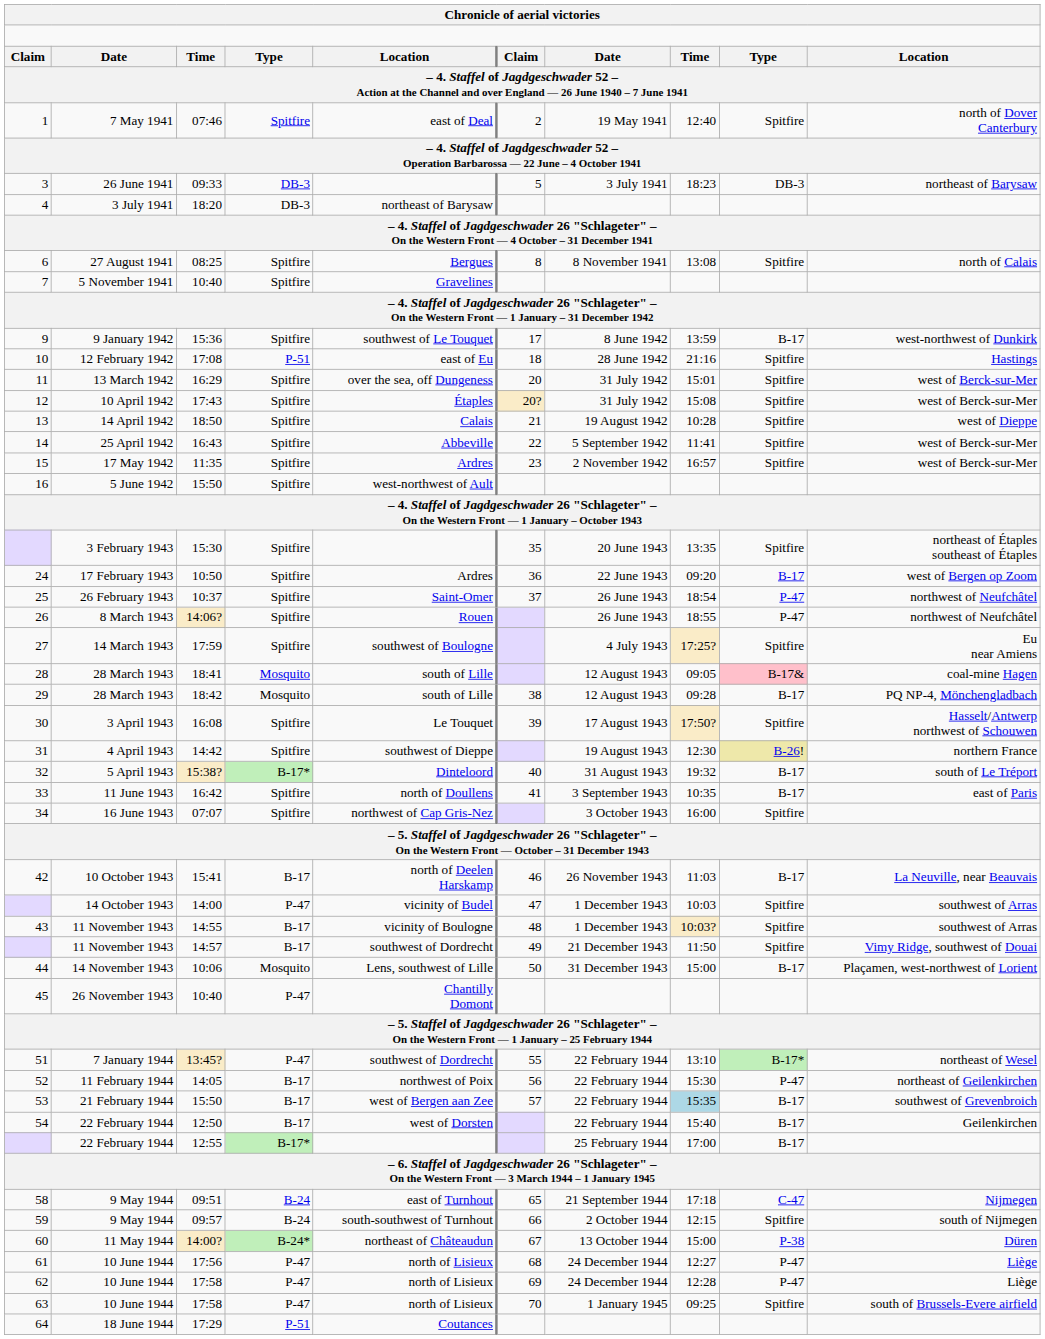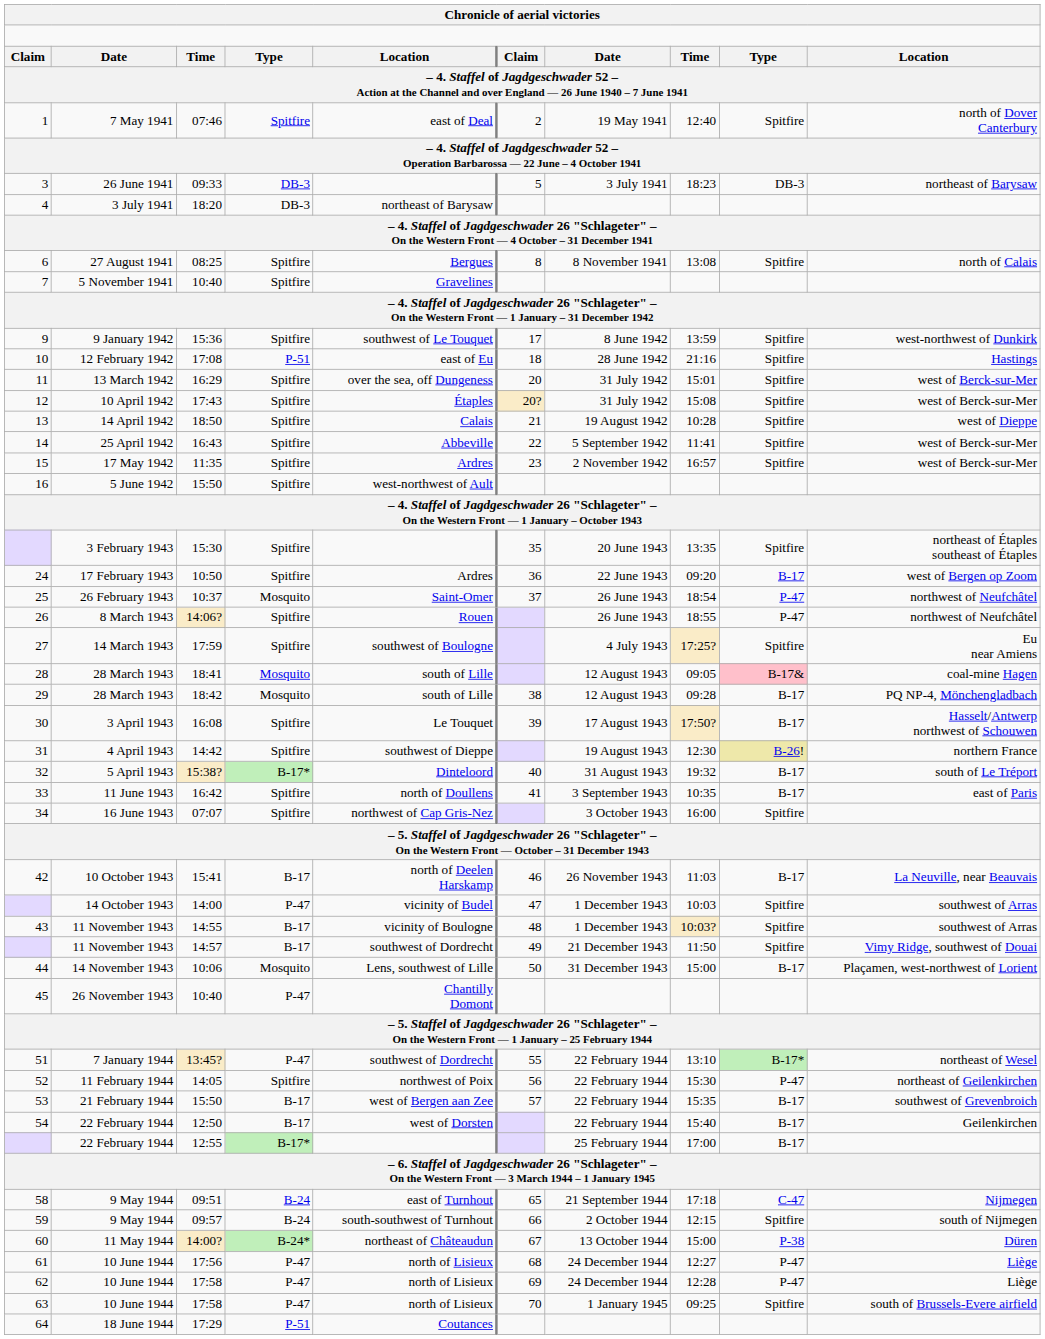 <table class="wikitable plainrowheaders collapsible" style="margin-left: auto; margin-right: auto; border: none; text-align:right; width: 100%;">
 <tr>
 <th colspan="10">Chronicle of aerial victories</th>
 </tr>
 <tr>
 <td colspan="10" style="text-align: left;"><br>    </td>
 </tr>
 <tr>
 <th scope="col">Claim</th>
 <th scope="col">Date</th>
 <th scope="col">Time</th>
 <th scope="col" width="100px">Type</th>
 <th scope="col">Location</th>
 <th scope="col" style="border-left: 3px solid grey;">Claim</th>
 <th scope="col">Date</th>
 <th scope="col">Time</th>
 <th scope="col" width="100px">Type</th>
 <th scope="col">Location</th>
 </tr>
 <tr>
 <th colspan="10">– 4. <em>Staffel</em> of <em>Jagdgeschwader</em> 52 –<br><small>Action at the Channel and over England — 26 June 1940 – 7 June 1941</small></th>
 </tr>
 <tr>
 <td>1</td>
 <td>7 May 1941</td>
 <td>07:46</td>
 <td><a href='#'>Spitfire</a></td>
 <td> east of <a href='#'>Deal</a></td>
 <td style="border-left: 3px solid grey;">2</td>
 <td>19 May 1941</td>
 <td>12:40</td>
 <td>Spitfire</td>
 <td>north of <a href='#'>Dover</a><br><a href='#'>Canterbury</a></td>
 </tr>
 <tr>
 <th colspan="10">– 4. <em>Staffel</em> of <em>Jagdgeschwader</em> 52 –<br><small>Operation Barbarossa — 22 June – 4 October 1941</small></th>
 </tr>
 <tr>
 <td>3</td>
 <td>26 June 1941</td>
 <td>09:33</td>
 <td><a href='#'>DB-3</a></td>
 <td></td>
 <td style="border-left: 3px solid grey;">5</td>
 <td>3 July 1941</td>
 <td>18:23</td>
 <td>DB-3</td>
 <td>northeast of <a href='#'>Barysaw</a></td>
 </tr>
 <tr>
 <td>4</td>
 <td>3 July 1941</td>
 <td>18:20</td>
 <td>DB-3</td>
 <td>northeast of Barysaw</td>
 <td style="border-left: 3px solid grey;"></td>
 <td></td>
 <td></td>
 <td></td>
 <td></td>
 </tr>
 <tr>
 <th colspan="10">– 4. <em>Staffel</em> of <em>Jagdgeschwader</em> 26 "Schlageter" –<br><small>On the Western Front — 4 October – 31 December 1941</small></th>
 </tr>
 <tr>
 <td>6</td>
 <td>27 August 1941</td>
 <td>08:25</td>
 <td>Spitfire</td>
 <td><a href='#'>Bergues</a></td>
 <td style="border-left: 3px solid grey;">8</td>
 <td>8 November 1941</td>
 <td>13:08</td>
 <td>Spitfire</td>
 <td> north of <a href='#'>Calais</a></td>
 </tr>
 <tr>
 <td>7</td>
 <td>5 November 1941</td>
 <td>10:40</td>
 <td>Spitfire</td>
 <td><a href='#'>Gravelines</a></td>
 <td style="border-left: 3px solid grey;"></td>
 <td></td>
 <td></td>
 <td></td>
 <td></td>
 </tr>
 <tr>
 <th colspan="10">– 4. <em>Staffel</em> of <em>Jagdgeschwader</em> 26 "Schlageter" –<br><small>On the Western Front — 1 January – 31 December 1942</small></th>
 </tr>
 <tr>
 <td>9</td>
 <td>9 January 1942</td>
 <td>15:36</td>
 <td>Spitfire</td>
 <td>southwest of <a href='#'>Le Touquet</a></td>
 <td style="border-left: 3px solid grey;">17</td>
 <td>8 June 1942</td>
 <td>13:59</td>
-<td>B-17</td>
+<td>Spitfire</td>
 <td>west-northwest of <a href='#'>Dunkirk</a></td>
 </tr>
 <tr>
 <td>10</td>
 <td>12 February 1942</td>
 <td>17:08</td>
 <td><a href='#'>P-51</a></td>
 <td>east of <a href='#'>Eu</a></td>
 <td style="border-left: 3px solid grey;">18</td>
 <td>28 June 1942</td>
 <td>21:16</td>
 <td>Spitfire</td>
 <td><a href='#'>Hastings</a></td>
 </tr>
 <tr>
 <td>11</td>
 <td>13 March 1942</td>
 <td>16:29</td>
 <td>Spitfire</td>
 <td>over the sea, off <a href='#'>Dungeness</a></td>
 <td style="border-left: 3px solid grey;">20</td>
 <td>31 July 1942</td>
 <td>15:01</td>
 <td>Spitfire</td>
 <td>west of <a href='#'>Berck-sur-Mer</a></td>
 </tr>
 <tr>
 <td>12</td>
 <td>10 April 1942</td>
 <td>17:43</td>
 <td>Spitfire</td>
 <td><a href='#'>Étaples</a></td>
 <td style="border-left: 3px solid grey; background:#faecc8">20?</td>
 <td>31 July 1942</td>
 <td>15:08</td>
 <td>Spitfire</td>
 <td>west of Berck-sur-Mer</td>
 </tr>
 <tr>
 <td>13</td>
 <td>14 April 1942</td>
 <td>18:50</td>
 <td>Spitfire</td>
 <td><a href='#'>Calais</a></td>
 <td style="border-left: 3px solid grey;">21</td>
 <td>19 August 1942</td>
 <td>10:28</td>
 <td>Spitfire</td>
 <td>west of <a href='#'>Dieppe</a></td>
 </tr>
 <tr>
 <td>14</td>
 <td>25 April 1942</td>
 <td>16:43</td>
 <td>Spitfire</td>
 <td><a href='#'>Abbeville</a></td>
 <td style="border-left: 3px solid grey;">22</td>
 <td>5 September 1942</td>
 <td>11:41</td>
 <td>Spitfire</td>
 <td>west of Berck-sur-Mer</td>
 </tr>
 <tr>
 <td>15</td>
 <td>17 May 1942</td>
 <td>11:35</td>
 <td>Spitfire</td>
 <td><a href='#'>Ardres</a></td>
 <td style="border-left: 3px solid grey;">23</td>
 <td>2 November 1942</td>
 <td>16:57</td>
 <td>Spitfire</td>
 <td> west of Berck-sur-Mer</td>
 </tr>
 <tr>
 <td>16</td>
 <td>5 June 1942</td>
 <td>15:50</td>
 <td>Spitfire</td>
 <td> west-northwest of <a href='#'>Ault</a></td>
 <td style="border-left: 3px solid grey;"></td>
 <td></td>
 <td></td>
 <td></td>
 <td></td>
 </tr>
 <tr>
 <th colspan="10">– 4. <em>Staffel</em> of <em>Jagdgeschwader</em> 26 "Schlageter" –<br><small>On the Western Front — 1 January – October 1943</small></th>
 </tr>
 <tr>
 <td style="background:#e3d9ff;"></td>
 <td>3 February 1943</td>
 <td>15:30</td>
 <td>Spitfire</td>
 <td></td>
 <td style="border-left: 3px solid grey;">35</td>
 <td>20 June 1943</td>
 <td>13:35</td>
 <td>Spitfire</td>
 <td>northeast of Étaples<br>southeast of Étaples</td>
 </tr>
 <tr>
 <td>24</td>
 <td>17 February 1943</td>
 <td>10:50</td>
 <td>Spitfire</td>
 <td>Ardres</td>
 <td style="border-left: 3px solid grey;">36</td>
 <td>22 June 1943</td>
 <td>09:20</td>
 <td><a href='#'>B-17</a></td>
 <td>west of <a href='#'>Bergen op Zoom</a></td>
 </tr>
 <tr>
 <td>25</td>
 <td>26 February 1943</td>
 <td>10:37</td>
-<td>Spitfire</td>
+<td>Mosquito</td>
 <td><a href='#'>Saint-Omer</a></td>
 <td style="border-left: 3px solid grey;">37</td>
 <td>26 June 1943</td>
 <td>18:54</td>
 <td><a href='#'>P-47</a></td>
 <td>northwest of <a href='#'>Neufchâtel</a></td>
 </tr>
 <tr>
 <td>26</td>
 <td>8 March 1943</td>
 <td style="background:#faecc8">14:06?</td>
 <td>Spitfire</td>
 <td><a href='#'>Rouen</a></td>
 <td style="border-left: 3px solid grey; background:#e3d9ff;"></td>
 <td>26 June 1943</td>
 <td>18:55</td>
 <td>P-47</td>
 <td>northwest of Neufchâtel</td>
 </tr>
 <tr>
 <td>27</td>
 <td>14 March 1943</td>
 <td>17:59</td>
 <td>Spitfire</td>
 <td> southwest of <a href='#'>Boulogne</a></td>
 <td style="border-left: 3px solid grey; background:#e3d9ff;"></td>
 <td>4 July 1943</td>
 <td style="background:#faecc8">17:25?</td>
 <td>Spitfire</td>
 <td>Eu<br>near Amiens</td>
 </tr>
 <tr>
 <td>28</td>
 <td>28 March 1943</td>
 <td>18:41</td>
 <td><a href='#'>Mosquito</a></td>
 <td>south of <a href='#'>Lille</a></td>
 <td style="border-left: 3px solid grey; background:#e3d9ff;"></td>
 <td>12 August 1943</td>
 <td>09:05</td>
 <td style="background:pink;">B-17&</td>
 <td>coal-mine <a href='#'>Hagen</a></td>
 </tr>
 <tr>
 <td>29</td>
 <td>28 March 1943</td>
 <td>18:42</td>
 <td>Mosquito</td>
 <td>south of Lille</td>
 <td style="border-left: 3px solid grey;">38</td>
 <td>12 August 1943</td>
 <td>09:28</td>
 <td>B-17</td>
 <td>PQ NP-4, <a href='#'>Mönchengladbach</a></td>
 </tr>
 <tr>
 <td>30</td>
 <td>3 April 1943</td>
 <td>16:08</td>
 <td>Spitfire</td>
 <td>Le Touquet</td>
 <td style="border-left: 3px solid grey;">39</td>
 <td>17 August 1943</td>
 <td style="background:#faecc8">17:50?</td>
-<td>Spitfire</td>
+<td>B-17</td>
 <td><a href='#'>Hasselt</a>/<a href='#'>Antwerp</a><br>northwest of <a href='#'>Schouwen</a></td>
 </tr>
 <tr>
 <td>31</td>
 <td>4 April 1943</td>
 <td>14:42</td>
 <td>Spitfire</td>
 <td>southwest of Dieppe</td>
 <td style="border-left: 3px solid grey; background:#e3d9ff;"></td>
 <td>19 August 1943</td>
 <td>12:30</td>
 <td style="background:palegoldenrod;"><a href='#'>B-26</a>!</td>
 <td>northern France</td>
 </tr>
 <tr>
 <td>32</td>
 <td>5 April 1943</td>
 <td style="background:#faecc8">15:38?</td>
 <td style="background:#C0EFBA">B-17*</td>
 <td><a href='#'>Dinteloord</a></td>
 <td style="border-left: 3px solid grey;">40</td>
 <td>31 August 1943</td>
 <td>19:32</td>
 <td>B-17</td>
 <td>south of <a href='#'>Le Tréport</a></td>
 </tr>
 <tr>
 <td>33</td>
 <td>11 June 1943</td>
 <td>16:42</td>
 <td>Spitfire</td>
 <td>north of <a href='#'>Doullens</a></td>
 <td style="border-left: 3px solid grey;">41</td>
 <td>3 September 1943</td>
 <td>10:35</td>
 <td>B-17</td>
 <td>east of <a href='#'>Paris</a></td>
 </tr>
 <tr>
 <td>34</td>
 <td>16 June 1943</td>
 <td>07:07</td>
 <td>Spitfire</td>
 <td> northwest of <a href='#'>Cap Gris-Nez</a></td>
 <td style="border-left: 3px solid grey; background:#e3d9ff;"></td>
 <td>3 October 1943</td>
 <td>16:00</td>
 <td>Spitfire</td>
 <td></td>
 </tr>
 <tr>
 <th colspan="10">– 5. <em>Staffel</em> of <em>Jagdgeschwader</em> 26 "Schlageter" –<br><small>On the Western Front — October – 31 December 1943</small></th>
 </tr>
 <tr>
 <td>42</td>
 <td>10 October 1943</td>
 <td>15:41</td>
 <td>B-17</td>
 <td>north of <a href='#'>Deelen</a><br><a href='#'>Harskamp</a></td>
 <td style="border-left: 3px solid grey;">46</td>
 <td>26 November 1943</td>
 <td>11:03</td>
 <td>B-17</td>
 <td><a href='#'>La Neuville</a>, near <a href='#'>Beauvais</a></td>
 </tr>
 <tr>
 <td style="background:#e3d9ff;"></td>
 <td>14 October 1943</td>
 <td>14:00</td>
 <td>P-47</td>
 <td>vicinity of <a href='#'>Budel</a></td>
 <td style="border-left: 3px solid grey;">47</td>
 <td>1 December 1943</td>
 <td>10:03</td>
 <td>Spitfire</td>
 <td> southwest of <a href='#'>Arras</a></td>
 </tr>
 <tr>
 <td>43</td>
 <td>11 November 1943</td>
 <td>14:55</td>
 <td>B-17</td>
 <td>vicinity of Boulogne</td>
 <td style="border-left: 3px solid grey;">48</td>
 <td>1 December 1943</td>
 <td style="background:#faecc8">10:03?</td>
 <td>Spitfire</td>
 <td> southwest of Arras</td>
 </tr>
 <tr>
 <td style="background:#e3d9ff;"></td>
 <td>11 November 1943</td>
 <td>14:57</td>
 <td>B-17</td>
 <td>southwest of Dordrecht</td>
 <td style="border-left: 3px solid grey;">49</td>
 <td>21 December 1943</td>
 <td>11:50</td>
 <td>Spitfire</td>
 <td><a href='#'>Vimy Ridge</a>, southwest of <a href='#'>Douai</a></td>
 </tr>
 <tr>
 <td>44</td>
 <td>14 November 1943</td>
 <td>10:06</td>
 <td>Mosquito</td>
 <td>Lens, southwest of Lille</td>
 <td style="border-left: 3px solid grey;">50</td>
 <td>31 December 1943</td>
 <td>15:00</td>
 <td>B-17</td>
 <td>Plaçamen, west-northwest of <a href='#'>Lorient</a></td>
 </tr>
 <tr>
 <td>45</td>
 <td>26 November 1943</td>
 <td>10:40</td>
 <td>P-47</td>
 <td><a href='#'>Chantilly</a><br><a href='#'>Domont</a></td>
 <td style="border-left: 3px solid grey;"></td>
 <td></td>
 <td></td>
 <td></td>
 <td></td>
 </tr>
 <tr>
 <th colspan="10">– 5. <em>Staffel</em> of <em>Jagdgeschwader</em> 26 "Schlageter" –<br><small>On the Western Front — 1 January – 25 February 1944</small></th>
 </tr>
 <tr>
 <td>51</td>
 <td>7 January 1944</td>
 <td style="background:#faecc8">13:45?</td>
 <td>P-47</td>
 <td>southwest of <a href='#'>Dordrecht</a></td>
 <td style="border-left: 3px solid grey;">55</td>
 <td>22 February 1944</td>
 <td>13:10</td>
 <td style="background:#C0EFBA">B-17*</td>
 <td> northeast of <a href='#'>Wesel</a></td>
 </tr>
 <tr>
 <td>52</td>
 <td>11 February 1944</td>
 <td>14:05</td>
-<td>B-17</td>
+<td>Spitfire</td>
 <td> northwest of Poix</td>
 <td style="border-left: 3px solid grey;">56</td>
 <td>22 February 1944</td>
 <td>15:30</td>
 <td>P-47</td>
 <td> northeast of <a href='#'>Geilenkirchen</a></td>
 </tr>
 <tr>
 <td>53</td>
 <td>21 February 1944</td>
 <td>15:50</td>
 <td>B-17</td>
 <td> west of <a href='#'>Bergen aan Zee</a></td>
 <td style="border-left: 3px solid grey;">57</td>
 <td>22 February 1944</td>
-<td style="background: lightblue;">15:35</td>
+<td>15:35</td>
 <td>B-17</td>
 <td>southwest of <a href='#'>Grevenbroich</a></td>
 </tr>
 <tr>
 <td>54</td>
 <td>22 February 1944</td>
 <td>12:50</td>
 <td>B-17</td>
 <td> west of <a href='#'>Dorsten</a></td>
 <td style="border-left: 3px solid grey; background:#e3d9ff;"></td>
 <td>22 February 1944</td>
 <td>15:40</td>
 <td>B-17</td>
 <td>Geilenkirchen</td>
 </tr>
 <tr>
 <td style="background:#e3d9ff;"></td>
 <td>22 February 1944</td>
 <td>12:55</td>
 <td style="background:#C0EFBA">B-17*</td>
 <td></td>
 <td style="border-left: 3px solid grey; background:#e3d9ff;"></td>
 <td>25 February 1944</td>
 <td>17:00</td>
 <td>B-17</td>
 <td></td>
 </tr>
 <tr>
 <th colspan="10">– 6. <em>Staffel</em> of <em>Jagdgeschwader</em> 26 "Schlageter" –<br><small>On the Western Front — 3 March 1944 – 1 January 1945</small></th>
 </tr>
 <tr>
 <td>58</td>
 <td>9 May 1944</td>
 <td>09:51</td>
 <td><a href='#'>B-24</a></td>
 <td> east of <a href='#'>Turnhout</a></td>
 <td style="border-left: 3px solid grey;">65</td>
 <td>21 September 1944</td>
 <td>17:18</td>
 <td><a href='#'>C-47</a></td>
 <td><a href='#'>Nijmegen</a></td>
 </tr>
 <tr>
 <td>59</td>
 <td>9 May 1944</td>
 <td>09:57</td>
 <td>B-24</td>
 <td> south-southwest of Turnhout</td>
 <td style="border-left: 3px solid grey;">66</td>
 <td>2 October 1944</td>
 <td>12:15</td>
 <td>Spitfire</td>
 <td>south of Nijmegen</td>
 </tr>
 <tr>
 <td>60</td>
 <td>11 May 1944</td>
 <td style="background:#faecc8">14:00?</td>
 <td style="background:#C0EFBA">B-24*</td>
 <td>northeast of <a href='#'>Châteaudun</a></td>
 <td style="border-left: 3px solid grey;">67</td>
 <td>13 October 1944</td>
 <td>15:00</td>
 <td><a href='#'>P-38</a></td>
 <td><a href='#'>Düren</a></td>
 </tr>
 <tr>
 <td>61</td>
 <td>10 June 1944</td>
 <td>17:56</td>
 <td>P-47</td>
 <td>north of <a href='#'>Lisieux</a></td>
 <td style="border-left: 3px solid grey;">68</td>
 <td>24 December 1944</td>
 <td>12:27</td>
 <td>P-47</td>
 <td><a href='#'>Liège</a></td>
 </tr>
 <tr>
 <td>62</td>
 <td>10 June 1944</td>
 <td>17:58</td>
 <td>P-47</td>
 <td>north of Lisieux</td>
 <td style="border-left: 3px solid grey;">69</td>
 <td>24 December 1944</td>
 <td>12:28</td>
 <td>P-47</td>
 <td>Liège</td>
 </tr>
 <tr>
 <td>63</td>
 <td>10 June 1944</td>
 <td>17:58</td>
 <td>P-47</td>
 <td>north of Lisieux</td>
 <td style="border-left: 3px solid grey;">70</td>
 <td>1 January 1945</td>
 <td>09:25</td>
 <td>Spitfire</td>
 <td>south of <a href='#'>Brussels-Evere airfield</a></td>
 </tr>
 <tr>
 <td>64</td>
 <td>18 June 1944</td>
 <td>17:29</td>
 <td><a href='#'>P-51</a></td>
 <td><a href='#'>Coutances</a></td>
 <td style="border-left: 3px solid grey;"></td>
 <td></td>
 <td></td>
 <td></td>
 <td></td>
 </tr>
 </table>
